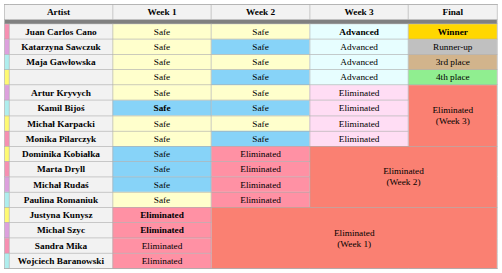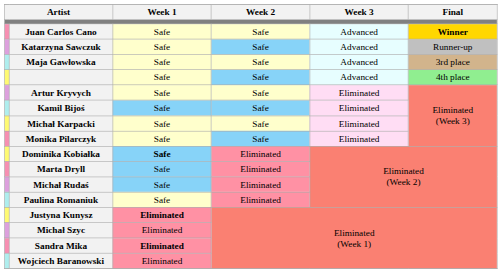 <table class="wikitable" style="text-align:center; font-size:95%;" width="64%">
 <tr>
 </tr>
 <tr>
 <th colspan="2" width="22%">Artist</th>
 <th width="20%">Week 1</th>
 <th width="20%">Week 2</th>
 <th width="20%">Week 3</th>
 <th width="20%">Final</th>
 </tr>
 <tr>
 <th colspan="6" style="background:grey;"></th>
 </tr>
 <tr>
 <td style="background:#F78FB2;"></td>
 <th>Juan Carlos Cano</th>
 <td style="background:#FFFFCC;">Safe</td>
 <td style="background:#FFFFCC;">Safe</td>
-<td style="background:#E7FEFF;"><strong>Advanced</strong></td>
+<td style="background:#E7FEFF;">Advanced</td>
 <th style="background:gold;">Winner</th>
 </tr>
 <tr>
 <td style="background:#dda0dd;"></td>
 <th>Katarzyna Sawczuk</th>
 <td style="background:#FFFFCC;">Safe</td>
 <td style="background:#87D3F8;">Safe</td>
 <td style="background:#E7FEFF;">Advanced</td>
 <td style="background:silver;">Runner-up</td>
 </tr>
 <tr>
 <td style="background:#afeeee;"></td>
 <th>Maja Gawłowska</th>
 <td style="background:#FFFFCC;">Safe</td>
 <td style="background:#FFFFCC;">Safe</td>
 <td style="background:#E7FEFF;">Advanced</td>
 <td style="background:tan;">3rd place</td>
 </tr>
 <tr>
 <td style="background:#fffa73;"></td>
 <th></th>
 <td style="background:#FFFFCC;">Safe</td>
 <td style="background:#87D3F8;">Safe</td>
 <td style="background:#E7FEFF;">Advanced</td>
 <td style="background:lightgreen;">4th place</td>
 </tr>
 <tr>
 <td style="background:#dda0dd;"></td>
 <th>Artur Kryvych</th>
 <td style="background:#FFFFCC;">Safe</td>
 <td style="background:#FFFFCC;">Safe</td>
 <td style="background:#FFDDF4;">Eliminated</td>
 <td colspan="3" rowspan="4" style="background:salmon;">Eliminated<br>(Week 3)</td>
 </tr>
 <tr>
 <td style="background:#afeeee;"></td>
 <th>Kamil Bijoś</th>
-<td style="background:#87D3F8;"><strong>Safe</strong></td>
+<td style="background:#87D3F8;">Safe</td>
 <td style="background:#87D3F8;">Safe</td>
 <td style="background:#FFDDF4;">Eliminated</td>
 </tr>
 <tr>
 <td style="background:#fffa73;"></td>
 <th>Michał Karpacki</th>
 <td style="background:#FFFFCC;">Safe</td>
 <td style="background:#FFFFCC;">Safe</td>
 <td style="background:#FFDDF4;">Eliminated</td>
 </tr>
 <tr>
 <td style="background:#F78FB2;"></td>
 <th>Monika Pilarczyk</th>
 <td style="background:#FFFFCC;">Safe</td>
 <td style="background:#87D3F8;">Safe</td>
 <td style="background:#FFDDF4;">Eliminated</td>
 </tr>
 <tr>
 <td style="background:#fffa73;"></td>
 <th>Dominika Kobiałka</th>
-<td style="background:#87D3F8;">Safe</td>
+<td style="background:#87D3F8;"><strong>Safe</strong></td>
 <td style="background:#FF91A4;">Eliminated</td>
 <td colspan="3" rowspan="4" style="background:salmon;">Eliminated<br>(Week 2)</td>
 </tr>
 <tr>
 <td style="background:#F78FB2;"></td>
 <th>Marta Dryll</th>
 <td style="background:#87D3F8;">Safe</td>
 <td style="background:#FF91A4;">Eliminated</td>
 </tr>
 <tr>
 <td style="background:#dda0dd;"></td>
 <th>Michał Rudaś</th>
 <td style="background:#87D3F8;">Safe</td>
 <td style="background:#FF91A4;">Eliminated</td>
 </tr>
 <tr>
 <td style="background:#afeeee;"></td>
 <th>Paulina Romaniuk</th>
 <td style="background:#FFFFCC;">Safe</td>
 <td style="background:#FF91A4;">Eliminated</td>
 </tr>
 <tr>
 <td style="background:#fffa73;"></td>
 <th>Justyna Kunysz</th>
 <td style="background:#FF91A4;"><strong>Eliminated</strong></td>
 <td colspan="3" rowspan="4" style="background:salmon;">Eliminated<br>(Week 1)</td>
 </tr>
 <tr>
 <td style="background:#dda0dd;"></td>
 <th>Michał Szyc</th>
-<td style="background:#FF91A4;"><strong>Eliminated</strong></td>
+<td style="background:#FF91A4;">Eliminated</td>
 </tr>
 <tr>
 <td style="background:#F78FB2;"></td>
 <th>Sandra Mika</th>
-<td style="background:#FF91A4;">Eliminated</td>
+<td style="background:#FF91A4;"><strong>Eliminated</strong></td>
 </tr>
 <tr>
 <td style="background:#afeeee;"></td>
 <th>Wojciech Baranowski</th>
 <td style="background:#FF91A4;">Eliminated</td>
 </tr>
 <tr>
 </tr>
 </table>
